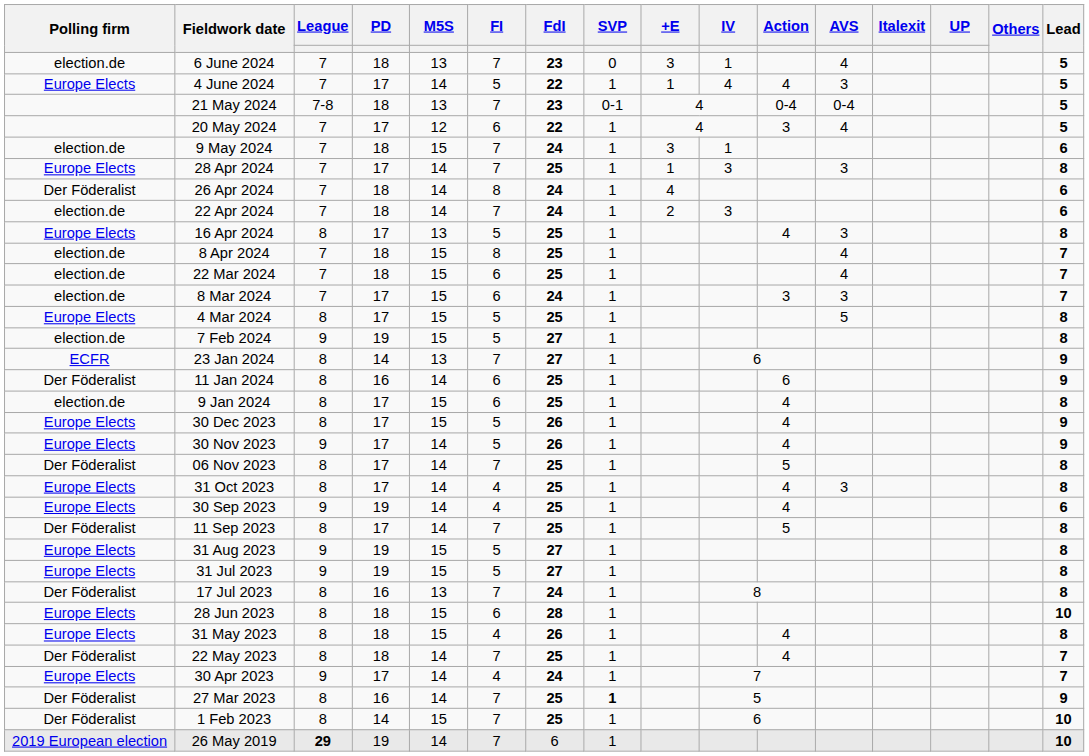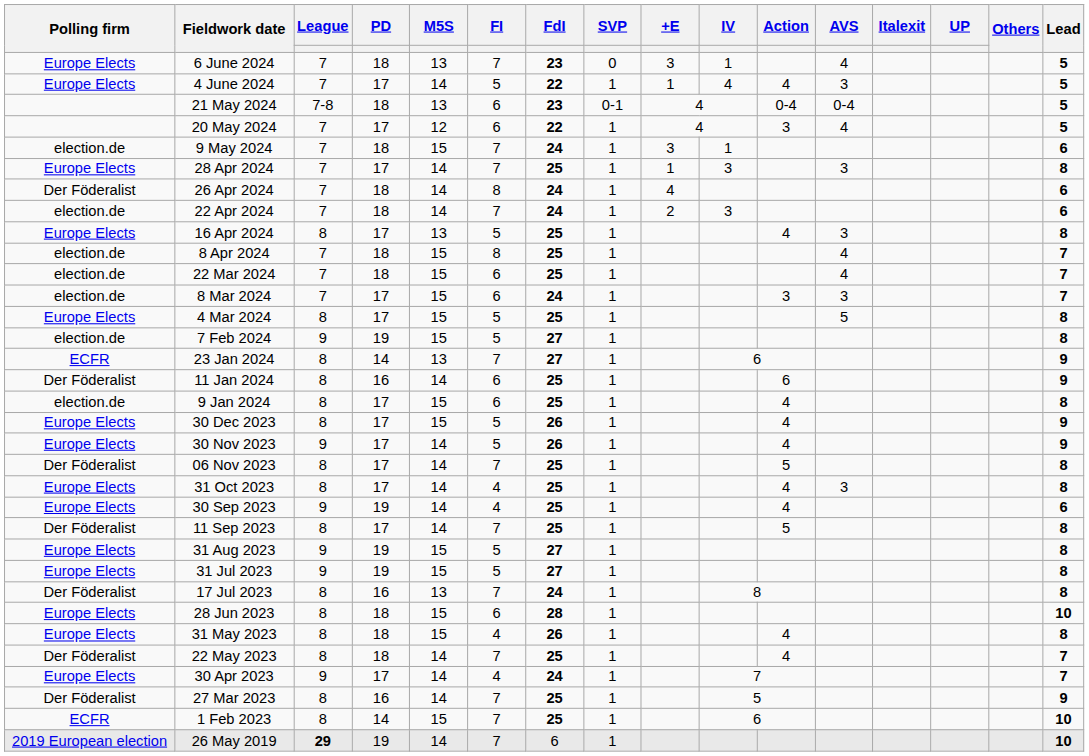 <table class="wikitable sortable mw-datatable" style="text-align:center;font-size:90%;line-height:14px;">
 <tr style="height:40px;">
 <th rowspan="2" style="width:160px;">Polling firm</th>
 <th rowspan="2" style="width:110px;">Fieldwork date</th>
 <th class="unsortable" style="width:50px;"><a href='#'>League</a><br></th>
 <th class="unsortable" style="width:50px;"><a href='#'>PD</a><br></th>
 <th class="unsortable" style="width:50px;"><a href='#'>M5S</a><br></th>
 <th class="unsortable" style="width:50px;"><a href='#'>FI</a><br></th>
 <th class="unsortable" style="width:50px;"><a href='#'>FdI</a><br></th>
 <th class="unsortable" style="width:50px;"><a href='#'>SVP</a><br></th>
 <th class="unsortable" style="width:50px;"><a href='#'>+E</a><br></th>
 <th class="unsortable" style="width:50px;"><a href='#'>IV</a><br></th>
 <th class="unsortable" style="width:50px;"><a href='#'>Action</a><br></th>
 <th class="unsortable" style="width:50px;"><a href='#'>AVS</a><br></th>
 <th class="unsortable" style="width:50px;"><a href='#'>Italexit</a></th>
 <th class="unsortable" style="width:50px;"><a href='#'>UP</a></th>
 <th rowspan="2"><a href='#'>Others</a></th>
 <th rowspan="2" style="width:30px;">Lead</th>
 </tr>
 <tr>
 <th style="background:"></th>
 <th style="background:"></th>
 <th style="background:"></th>
 <th style="background:"></th>
 <th style="background:"></th>
 <th style="background:"></th>
 <th style="background:"></th>
 <th style="background:"></th>
 <th style="background:"></th>
 <th style="background:"></th>
 <th style="background:"></th>
 <th style="background:"></th>
 </tr>
 <tr>
-<td>election.de</td>
+<td><a href='#'>Europe Elects</a></td>
 <td>6 June 2024</td>
 <td>7</td>
 <td>18</td>
 <td>13</td>
 <td>7</td>
 <td><strong>23</strong></td>
 <td>0</td>
 <td>3</td>
 <td>1</td>
 <td></td>
 <td>4</td>
 <td></td>
 <td></td>
 <td></td>
 <td style="background:"><strong>5</strong></td>
 </tr>
 <tr>
 <td><a href='#'>Europe Elects</a></td>
 <td>4 June 2024</td>
 <td>7</td>
 <td>17</td>
 <td>14</td>
 <td>5</td>
 <td><strong>22</strong></td>
 <td>1</td>
 <td>1</td>
 <td>4</td>
 <td>4</td>
 <td>3</td>
 <td></td>
 <td></td>
 <td></td>
 <td style="background:"><strong>5</strong></td>
 </tr>
 <tr>
 <td></td>
 <td>21 May 2024</td>
 <td>7-8</td>
 <td>18</td>
 <td>13</td>
-<td>7</td>
+<td>6</td>
 <td><strong>23</strong></td>
 <td>0-1</td>
 <td colspan="2">4</td>
 <td>0-4</td>
 <td>0-4</td>
 <td></td>
 <td></td>
 <td></td>
 <td style="background:"><strong>5</strong></td>
 </tr>
 <tr>
 <td></td>
 <td>20 May 2024</td>
 <td>7</td>
 <td>17</td>
 <td>12</td>
 <td>6</td>
 <td><strong>22</strong></td>
 <td>1</td>
 <td colspan="2">4</td>
 <td>3</td>
 <td>4</td>
 <td></td>
 <td></td>
 <td></td>
 <td style="background:"><strong>5</strong></td>
 </tr>
 <tr>
 <td>election.de</td>
 <td>9 May 2024</td>
 <td>7</td>
 <td>18</td>
 <td>15</td>
 <td>7</td>
 <td><strong>24</strong></td>
 <td>1</td>
 <td>3</td>
 <td>1</td>
 <td></td>
 <td></td>
 <td></td>
 <td></td>
 <td></td>
 <td style="background:"><strong>6</strong></td>
 </tr>
 <tr>
 <td><a href='#'>Europe Elects</a></td>
 <td>28 Apr 2024</td>
 <td>7</td>
 <td>17</td>
 <td>14</td>
 <td>7</td>
 <td><strong>25</strong></td>
 <td>1</td>
 <td>1</td>
 <td>3</td>
 <td></td>
 <td>3</td>
 <td></td>
 <td></td>
 <td></td>
 <td style="background:"><strong>8</strong></td>
 </tr>
 <tr>
 <td>Der Föderalist</td>
 <td>26 Apr 2024</td>
 <td>7</td>
 <td>18</td>
 <td>14</td>
 <td>8</td>
 <td><strong>24</strong></td>
 <td>1</td>
 <td>4</td>
 <td></td>
 <td></td>
 <td></td>
 <td></td>
 <td></td>
 <td></td>
 <td style="background:"><strong>6</strong></td>
 </tr>
 <tr>
 <td>election.de</td>
 <td>22 Apr 2024</td>
 <td>7</td>
 <td>18</td>
 <td>14</td>
 <td>7</td>
 <td><strong>24</strong></td>
 <td>1</td>
 <td>2</td>
 <td>3</td>
 <td></td>
 <td></td>
 <td></td>
 <td></td>
 <td></td>
 <td style="background:"><strong>6</strong></td>
 </tr>
 <tr>
 <td><a href='#'>Europe Elects</a></td>
 <td>16 Apr 2024</td>
 <td>8</td>
 <td>17</td>
 <td>13</td>
 <td>5</td>
 <td><strong>25</strong></td>
 <td>1</td>
 <td></td>
 <td></td>
 <td>4</td>
 <td>3</td>
 <td></td>
 <td></td>
 <td></td>
 <td style="background:"><strong>8</strong></td>
 </tr>
 <tr>
 <td>election.de</td>
 <td>8 Apr 2024</td>
 <td>7</td>
 <td>18</td>
 <td>15</td>
 <td>8</td>
 <td><strong>25</strong></td>
 <td>1</td>
 <td></td>
 <td></td>
 <td></td>
 <td>4</td>
 <td></td>
 <td></td>
 <td></td>
 <td style="background:"><strong>7</strong></td>
 </tr>
 <tr>
 <td>election.de</td>
 <td>22 Mar 2024</td>
 <td>7</td>
 <td>18</td>
 <td>15</td>
 <td>6</td>
 <td><strong>25</strong></td>
 <td>1</td>
 <td></td>
 <td></td>
 <td></td>
 <td>4</td>
 <td></td>
 <td></td>
 <td></td>
 <td style="background:"><strong>7</strong></td>
 </tr>
 <tr>
 <td>election.de</td>
 <td>8 Mar 2024</td>
 <td>7</td>
 <td>17</td>
 <td>15</td>
 <td>6</td>
 <td><strong>24</strong></td>
 <td>1</td>
 <td></td>
 <td></td>
 <td>3</td>
 <td>3</td>
 <td></td>
 <td></td>
 <td></td>
 <td style="background:"><strong>7</strong></td>
 </tr>
 <tr>
 <td><a href='#'>Europe Elects</a></td>
 <td>4 Mar 2024</td>
 <td>8</td>
 <td>17</td>
 <td>15</td>
 <td>5</td>
 <td><strong>25</strong></td>
 <td>1</td>
 <td></td>
 <td></td>
 <td></td>
 <td>5</td>
 <td></td>
 <td></td>
 <td></td>
 <td style="background:"><strong>8</strong></td>
 </tr>
 <tr>
 <td>election.de</td>
 <td>7 Feb 2024</td>
 <td>9</td>
 <td>19</td>
 <td>15</td>
 <td>5</td>
 <td><strong>27</strong></td>
 <td>1</td>
 <td></td>
 <td></td>
 <td></td>
 <td></td>
 <td></td>
 <td></td>
 <td></td>
 <td style="background:"><strong>8</strong></td>
 </tr>
 <tr>
 <td><a href='#'>ECFR</a></td>
 <td>23 Jan 2024</td>
 <td>8</td>
 <td>14</td>
 <td>13</td>
 <td>7</td>
 <td><strong>27</strong></td>
 <td>1</td>
 <td></td>
 <td colspan=2>6</td>
 <td></td>
 <td></td>
 <td></td>
 <td></td>
 <td style="background:"><strong>9</strong></td>
 </tr>
 <tr>
 <td>Der Föderalist</td>
 <td>11 Jan 2024</td>
 <td>8</td>
 <td>16</td>
 <td>14</td>
 <td>6</td>
 <td><strong>25</strong></td>
 <td>1</td>
 <td></td>
 <td></td>
 <td>6</td>
 <td></td>
 <td></td>
 <td></td>
 <td></td>
 <td style="background:"><strong>9</strong></td>
 </tr>
 <tr>
 <td>election.de</td>
 <td>9 Jan 2024</td>
 <td>8</td>
 <td>17</td>
 <td>15</td>
 <td>6</td>
 <td><strong>25</strong></td>
 <td>1</td>
 <td></td>
 <td></td>
 <td>4</td>
 <td></td>
 <td></td>
 <td></td>
 <td></td>
 <td style="background:"><strong>8</strong></td>
 </tr>
 <tr>
 <td><a href='#'>Europe Elects</a></td>
 <td>30 Dec 2023</td>
 <td>8</td>
 <td>17</td>
 <td>15</td>
 <td>5</td>
 <td><strong>26</strong></td>
 <td>1</td>
 <td></td>
 <td></td>
 <td>4</td>
 <td></td>
 <td></td>
 <td></td>
 <td></td>
 <td style="background:"><strong>9</strong></td>
 </tr>
 <tr>
 <td><a href='#'>Europe Elects</a></td>
 <td>30 Nov 2023</td>
 <td>9</td>
 <td>17</td>
 <td>14</td>
 <td>5</td>
 <td><strong>26</strong></td>
 <td>1</td>
 <td></td>
 <td></td>
 <td>4</td>
 <td></td>
 <td></td>
 <td></td>
 <td></td>
 <td style="background:"><strong>9</strong></td>
 </tr>
 <tr>
 <td>Der Föderalist</td>
 <td>06 Nov 2023</td>
 <td>8</td>
 <td>17</td>
 <td>14</td>
 <td>7</td>
 <td><strong>25</strong></td>
 <td>1</td>
 <td></td>
 <td></td>
 <td>5</td>
 <td></td>
 <td></td>
 <td></td>
 <td></td>
 <td style="background:"><strong>8</strong></td>
 </tr>
 <tr>
 <td><a href='#'>Europe Elects</a></td>
 <td>31 Oct 2023</td>
 <td>8</td>
 <td>17</td>
 <td>14</td>
 <td>4</td>
 <td><strong>25</strong></td>
 <td>1</td>
 <td></td>
 <td></td>
 <td>4</td>
 <td>3</td>
 <td></td>
 <td></td>
 <td></td>
 <td style="background:"><strong>8</strong></td>
 </tr>
 <tr>
 <td><a href='#'>Europe Elects</a></td>
 <td>30 Sep 2023</td>
 <td>9</td>
 <td>19</td>
 <td>14</td>
 <td>4</td>
 <td><strong>25</strong></td>
 <td>1</td>
 <td></td>
 <td></td>
 <td>4</td>
 <td></td>
 <td></td>
 <td></td>
 <td></td>
 <td style="background:"><strong>6</strong></td>
 </tr>
 <tr>
 <td>Der Föderalist</td>
 <td>11 Sep 2023</td>
 <td>8</td>
 <td>17</td>
 <td>14</td>
 <td>7</td>
 <td><strong>25</strong></td>
 <td>1</td>
 <td></td>
 <td></td>
 <td>5</td>
 <td></td>
 <td></td>
 <td></td>
 <td></td>
 <td style="background:"><strong>8</strong></td>
 </tr>
 <tr>
 <td><a href='#'>Europe Elects</a></td>
 <td>31 Aug 2023</td>
 <td>9</td>
 <td>19</td>
 <td>15</td>
 <td>5</td>
 <td><strong>27</strong></td>
 <td>1</td>
 <td></td>
 <td></td>
 <td></td>
 <td></td>
 <td></td>
 <td></td>
 <td></td>
 <td style="background:"><strong>8</strong></td>
 </tr>
 <tr>
 <td><a href='#'>Europe Elects</a></td>
 <td>31 Jul 2023</td>
 <td>9</td>
 <td>19</td>
 <td>15</td>
 <td>5</td>
 <td><strong>27</strong></td>
 <td>1</td>
 <td></td>
 <td></td>
 <td></td>
 <td></td>
 <td></td>
 <td></td>
 <td></td>
 <td style="background:"><strong>8</strong></td>
 </tr>
 <tr>
 <td>Der Föderalist</td>
 <td>17 Jul 2023</td>
 <td>8</td>
 <td>16</td>
 <td>13</td>
 <td>7</td>
 <td><strong>24</strong></td>
 <td>1</td>
 <td></td>
 <td colspan=2>8</td>
 <td></td>
 <td></td>
 <td></td>
 <td></td>
 <td style="background:"><strong>8</strong></td>
 </tr>
 <tr>
 <td><a href='#'>Europe Elects</a></td>
 <td>28 Jun 2023</td>
 <td>8</td>
 <td>18</td>
 <td>15</td>
 <td>6</td>
 <td><strong>28</strong></td>
 <td>1</td>
 <td></td>
 <td></td>
 <td></td>
 <td></td>
 <td></td>
 <td></td>
 <td></td>
 <td style="background:"><strong>10</strong></td>
 </tr>
 <tr>
 <td><a href='#'>Europe Elects</a></td>
 <td>31 May 2023</td>
 <td>8</td>
 <td>18</td>
 <td>15</td>
 <td>4</td>
 <td><strong>26</strong></td>
 <td>1</td>
 <td></td>
 <td></td>
 <td>4</td>
 <td></td>
 <td></td>
 <td></td>
 <td></td>
 <td style="background:"><strong>8</strong></td>
 </tr>
 <tr>
 <td>Der Föderalist</td>
 <td>22 May 2023</td>
 <td>8</td>
 <td>18</td>
 <td>14</td>
 <td>7</td>
 <td><strong>25</strong></td>
 <td>1</td>
 <td></td>
 <td></td>
 <td>4</td>
 <td></td>
 <td></td>
 <td></td>
 <td></td>
 <td style="background:"><strong>7</strong></td>
 </tr>
 <tr>
 <td><a href='#'>Europe Elects</a></td>
 <td>30 Apr 2023</td>
 <td>9</td>
 <td>17</td>
 <td>14</td>
 <td>4</td>
 <td><strong>24</strong></td>
 <td>1</td>
 <td></td>
 <td colspan=2>7</td>
 <td></td>
 <td></td>
 <td></td>
 <td></td>
 <td style="background:"><strong>7</strong></td>
 </tr>
 <tr>
 <td>Der Föderalist</td>
 <td>27 Mar 2023</td>
 <td>8</td>
 <td>16</td>
 <td>14</td>
 <td>7</td>
 <td><strong>25</strong></td>
-<td><strong>1</strong></td>
+<td>1</td>
 <td></td>
 <td colspan=2>5</td>
 <td></td>
 <td></td>
 <td></td>
 <td></td>
 <td style="background:"><strong>9</strong></td>
 </tr>
 <tr>
-<td>Der Föderalist</td>
+<td><a href='#'>ECFR</a></td>
 <td>1 Feb 2023</td>
 <td>8</td>
 <td>14</td>
 <td>15</td>
 <td>7</td>
 <td><strong>25</strong></td>
 <td>1</td>
 <td></td>
 <td colspan=2>6</td>
 <td></td>
 <td></td>
 <td></td>
 <td></td>
 <td style="background:"><strong>10</strong></td>
 </tr>
 <tr style="background:#E9E9E9;">
 <td><a href='#'>2019 European election</a></td>
 <td>26 May 2019</td>
 <td><strong>29</strong></td>
 <td>19</td>
 <td>14</td>
 <td>7</td>
 <td>6</td>
 <td>1</td>
 <td></td>
 <td></td>
 <td></td>
 <td></td>
 <td></td>
 <td></td>
 <td></td>
 <td style="background:"><strong>10</strong></td>
 </tr>
 </table>
